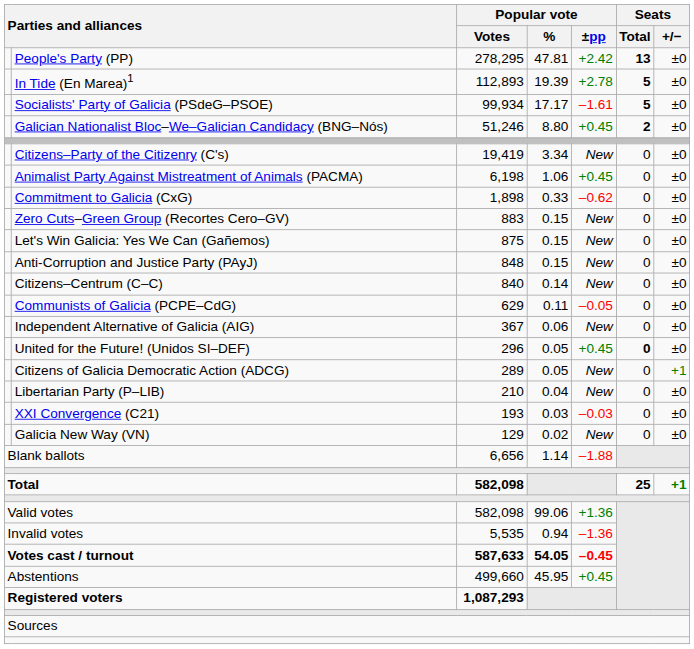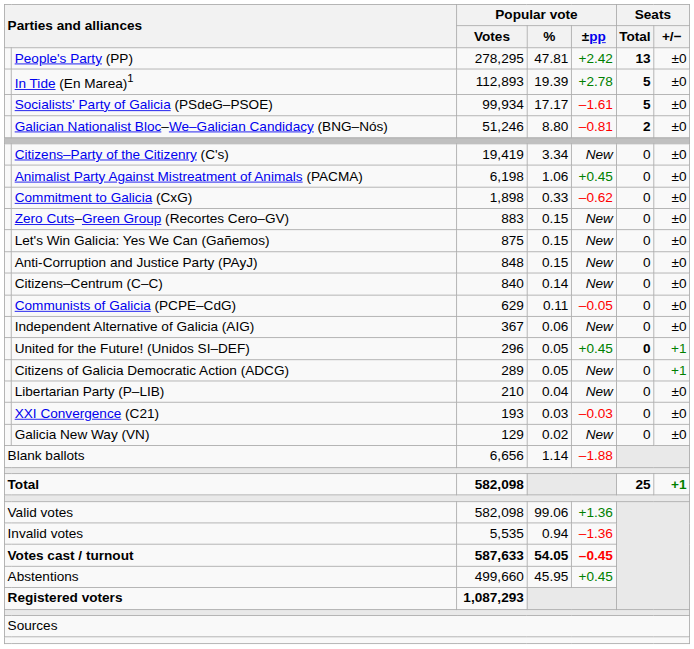 <table class="wikitable" style="text-align:right;">
 <tr>
 <th style="text-align:left;" rowspan="2" colspan="2" width="525">Parties and alliances</th>
 <th colspan="3">Popular vote</th>
 <th colspan="2">Seats</th>
 </tr>
 <tr>
 <th width="75">Votes</th>
 <th width="45">%</th>
 <th width="45">±<a href='#'>pp</a></th>
 <th width="35">Total</th>
 <th width="35">+/−</th>
 </tr>
 <tr>
 <td width="1" style="color:inherit;background:"></td>
 <td align="left"><a href='#'>People's Party</a> (PP)</td>
 <td>278,295</td>
 <td>47.81</td>
 <td style="color:green;">+2.42</td>
 <td><strong>13</strong></td>
 <td>±0</td>
 </tr>
 <tr>
 <td style="color:inherit;background:"></td>
 <td align="left"><a href='#'>In Tide</a> (En Marea)<sup>1</sup></td>
 <td>112,893</td>
 <td>19.39</td>
 <td style="color:green;">+2.78</td>
 <td><strong>5</strong></td>
 <td>±0</td>
 </tr>
 <tr>
 <td style="color:inherit;background:"></td>
 <td align="left"><a href='#'>Socialists' Party of Galicia</a> (PSdeG–PSOE)</td>
 <td>99,934</td>
 <td>17.17</td>
 <td style="color:red;">–1.61</td>
 <td><strong>5</strong></td>
 <td>±0</td>
 </tr>
 <tr>
 <td style="color:inherit;background:"></td>
 <td align="left"><a href='#'>Galician Nationalist Bloc</a>–<a href='#'>We–Galician Candidacy</a> (BNG–Nós)</td>
 <td>51,246</td>
 <td>8.80</td>
-<td style="color:green;">+0.45</td>
+<td style="color:red;">–0.81</td>
 <td><strong>2</strong></td>
 <td>±0</td>
 </tr>
 <tr>
 <td colspan="7" bgcolor="#C0C0C0"></td>
 </tr>
 <tr>
 <td style="color:inherit;background:"></td>
 <td align="left"><a href='#'>Citizens–Party of the Citizenry</a> (C's)</td>
 <td>19,419</td>
 <td>3.34</td>
 <td><em>New</em></td>
 <td>0</td>
 <td>±0</td>
 </tr>
 <tr>
 <td style="color:inherit;background:"></td>
 <td align="left"><a href='#'>Animalist Party Against Mistreatment of Animals</a> (PACMA)</td>
 <td>6,198</td>
 <td>1.06</td>
 <td style="color:green;">+0.45</td>
 <td>0</td>
 <td>±0</td>
 </tr>
 <tr>
 <td style="color:inherit;background:"></td>
 <td align="left"><a href='#'>Commitment to Galicia</a> (CxG)</td>
 <td>1,898</td>
 <td>0.33</td>
 <td style="color:red;">–0.62</td>
 <td>0</td>
 <td>±0</td>
 </tr>
 <tr>
 <td style="color:inherit;background:"></td>
 <td align="left"><a href='#'>Zero Cuts</a>–<a href='#'>Green Group</a> (Recortes Cero–GV)</td>
 <td>883</td>
 <td>0.15</td>
 <td><em>New</em></td>
 <td>0</td>
 <td>±0</td>
 </tr>
 <tr>
 <td style="color:inherit;background:"></td>
 <td align="left">Let's Win Galicia: Yes We Can (Gañemos)</td>
 <td>875</td>
 <td>0.15</td>
 <td><em>New</em></td>
 <td>0</td>
 <td>±0</td>
 </tr>
 <tr>
 <td style="color:inherit;background:"></td>
 <td align="left">Anti-Corruption and Justice Party (PAyJ)</td>
 <td>848</td>
 <td>0.15</td>
 <td><em>New</em></td>
 <td>0</td>
 <td>±0</td>
 </tr>
 <tr>
 <td style="color:inherit;background:"></td>
 <td align="left">Citizens–Centrum (C–C)</td>
 <td>840</td>
 <td>0.14</td>
 <td><em>New</em></td>
 <td>0</td>
 <td>±0</td>
 </tr>
 <tr>
 <td style="color:inherit;background:"></td>
 <td align="left"><a href='#'>Communists of Galicia</a> (PCPE–CdG)</td>
 <td>629</td>
 <td>0.11</td>
 <td style="color:red;">–0.05</td>
 <td>0</td>
 <td>±0</td>
 </tr>
 <tr>
 <td style="color:inherit;background:"></td>
 <td align="left">Independent Alternative of Galicia (AIG)</td>
 <td>367</td>
 <td>0.06</td>
 <td><em>New</em></td>
 <td>0</td>
 <td>±0</td>
 </tr>
 <tr>
 <td style="color:inherit;background:"></td>
 <td align="left">United for the Future! (Unidos SI–DEF)</td>
 <td>296</td>
 <td>0.05</td>
 <td style="color:green;">+0.45</td>
 <td><strong>0</strong></td>
-<td>±0</td>
+<td style="color:green;">+1</td>
 </tr>
 <tr>
 <td style="color:inherit;background:"></td>
 <td align="left">Citizens of Galicia Democratic Action (ADCG)</td>
 <td>289</td>
 <td>0.05</td>
 <td><em>New</em></td>
 <td>0</td>
 <td style="color:green;">+1</td>
 </tr>
 <tr>
 <td style="color:inherit;background:"></td>
 <td align="left">Libertarian Party (P–LIB)</td>
 <td>210</td>
 <td>0.04</td>
 <td><em>New</em></td>
 <td>0</td>
 <td>±0</td>
 </tr>
 <tr>
 <td style="color:inherit;background:"></td>
 <td align="left"><a href='#'>XXI Convergence</a> (C21)</td>
 <td>193</td>
 <td>0.03</td>
 <td style="color:red;">–0.03</td>
 <td>0</td>
 <td>±0</td>
 </tr>
 <tr>
 <td style="color:inherit;background:"></td>
 <td align="left">Galicia New Way (VN)</td>
 <td>129</td>
 <td>0.02</td>
 <td><em>New</em></td>
 <td>0</td>
 <td>±0</td>
 </tr>
 <tr>
 <td align="left" colspan="2">Blank ballots</td>
 <td>6,656</td>
 <td>1.14</td>
 <td style="color:red;">–1.88</td>
 <td bgcolor="#E9E9E9" colspan="2"></td>
 </tr>
 <tr>
 <td colspan="7" bgcolor="#E9E9E9"></td>
 </tr>
 <tr style="font-weight:bold;">
 <td align="left" colspan="2">Total</td>
 <td>582,098</td>
 <td bgcolor="#E9E9E9" colspan="2"></td>
 <td>25</td>
 <td style="color:green;">+1</td>
 </tr>
 <tr>
 <td colspan="7" bgcolor="#E9E9E9"></td>
 </tr>
 <tr>
 <td align="left" colspan="2">Valid votes</td>
 <td>582,098</td>
 <td>99.06</td>
 <td style="color:green;">+1.36</td>
 <td bgcolor="#E9E9E9" colspan="2" rowspan="5"></td>
 </tr>
 <tr>
 <td align="left" colspan="2">Invalid votes</td>
 <td>5,535</td>
 <td>0.94</td>
 <td style="color:red;">–1.36</td>
 </tr>
 <tr style="font-weight:bold;">
 <td align="left" colspan="2">Votes cast / turnout</td>
 <td>587,633</td>
 <td>54.05</td>
 <td style="color:red;">–0.45</td>
 </tr>
 <tr>
 <td align="left" colspan="2">Abstentions</td>
 <td>499,660</td>
 <td>45.95</td>
 <td style="color:green;">+0.45</td>
 </tr>
 <tr style="font-weight:bold;">
 <td align="left" colspan="2">Registered voters</td>
 <td>1,087,293</td>
 <td bgcolor="#E9E9E9" colspan="2"></td>
 </tr>
 <tr>
 <td colspan="7" bgcolor="#E9E9E9"></td>
 </tr>
 <tr>
 <td align="left" colspan="7">Sources</td>
 </tr>
 <tr>
 <td colspan="7" style="text-align:left; max-width:790px;"></td>
 </tr>
 </table>
